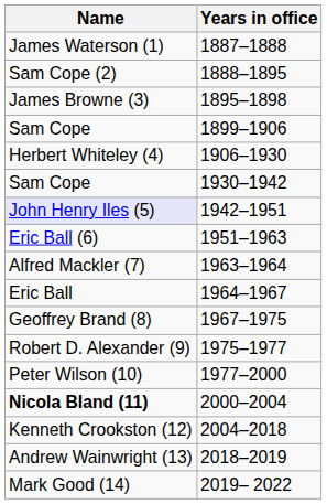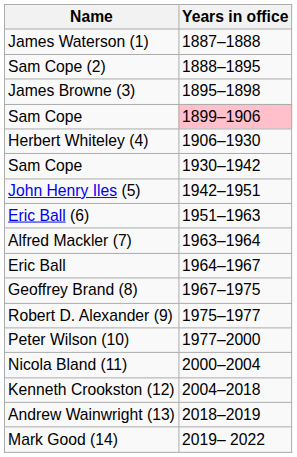 <table class="wikitable sortable">
 <tr>
 <th>Name</th>
 <th>Years in office</th>
 </tr>
 <tr>
 <td>James Waterson (1)</td>
 <td>1887–1888</td>
 </tr>
 <tr>
 <td>Sam Cope (2)</td>
 <td>1888–1895</td>
 </tr>
 <tr>
 <td>James Browne (3)</td>
 <td>1895–1898</td>
 </tr>
 <tr>
 <td>Sam Cope</td>
-<td>1899–1906</td>
+<td style="background: pink;">1899–1906</td>
 </tr>
 <tr>
 <td>Herbert Whiteley (4)</td>
 <td>1906–1930</td>
 </tr>
 <tr>
 <td>Sam Cope</td>
 <td>1930–1942</td>
 </tr>
 <tr>
-<td style="background: lavender;"><a href='#'>John Henry Iles</a> (5)</td>
+<td><a href='#'>John Henry Iles</a> (5)</td>
 <td>1942–1951</td>
 </tr>
 <tr>
 <td><a href='#'>Eric Ball</a> (6)</td>
 <td>1951–1963</td>
 </tr>
 <tr>
 <td>Alfred Mackler (7)</td>
 <td>1963–1964</td>
 </tr>
 <tr>
 <td>Eric Ball</td>
 <td>1964–1967</td>
 </tr>
 <tr>
 <td>Geoffrey Brand (8)</td>
 <td>1967–1975</td>
 </tr>
 <tr>
 <td>Robert D. Alexander (9)</td>
 <td>1975–1977</td>
 </tr>
 <tr>
 <td>Peter Wilson (10)</td>
 <td>1977–2000</td>
 </tr>
 <tr>
-<td><strong>Nicola Bland (11)</strong></td>
+<td>Nicola Bland (11)</td>
 <td>2000–2004</td>
 </tr>
 <tr>
 <td>Kenneth Crookston (12)</td>
 <td>2004–2018</td>
 </tr>
 <tr>
 <td>Andrew Wainwright (13)</td>
 <td>2018–2019</td>
 </tr>
 <tr>
 <td>Mark Good (14)</td>
 <td>2019– 2022</td>
 </tr>
 </table>
